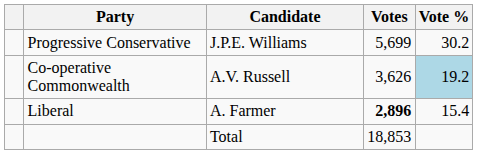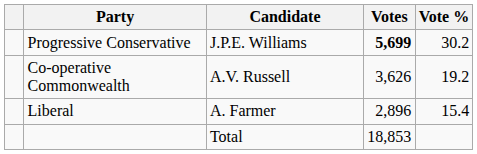 <table class="wikitable">
 <tr>
 <th></th>
 <th scope="col" width="175">Party</th>
 <th scope="col" width="150">Candidate</th>
 <th>Votes</th>
 <th>Vote %</th>
 </tr>
 <tr>
 </tr>
 <tr>
 <td>   </td>
 <td>Progressive Conservative</td>
 <td>J.P.E. Williams</td>
-<td align=right>5,699</td>
+<td align=right><strong>5,699</strong></td>
 <td align=right>30.2</td>
 </tr>
 <tr>
 <td>   </td>
 <td>Co-operative Commonwealth</td>
 <td>A.V. Russell</td>
 <td align=right>3,626</td>
-<td align=right style="background: lightblue;">19.2</td>
+<td align=right>19.2</td>
 </tr>
 <tr>
 <td>   </td>
 <td>Liberal</td>
 <td>A. Farmer</td>
-<td align=right><strong>2,896</strong></td>
+<td align=right>2,896</td>
 <td align=right>15.4</td>
 </tr>
 <tr>
 <td></td>
 <td></td>
 <td>Total</td>
 <td align=right>18,853</td>
 <td></td>
 </tr>
 </table>
